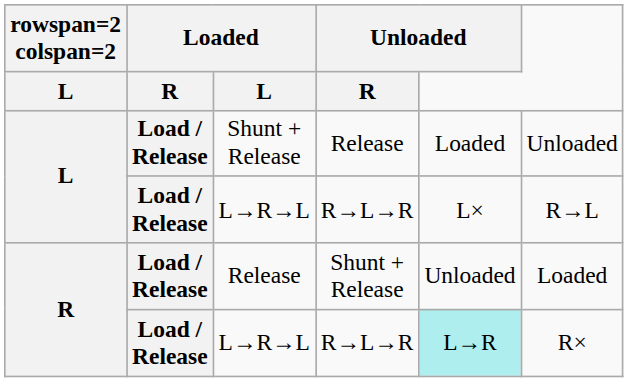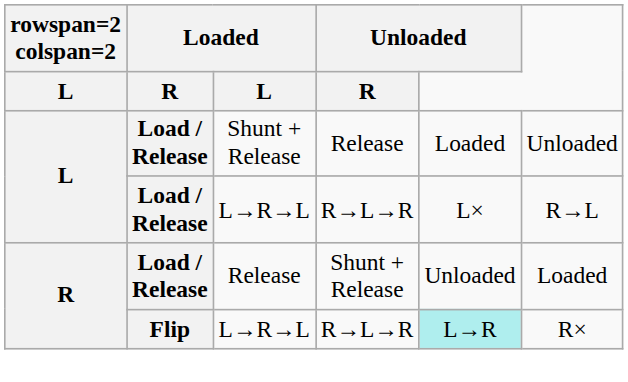 <table class="wikitable floatright" style="font-size:90%;text-align:center;width:20em;">
 <tr>
 <th>rowspan=2 colspan=2 </th>
 <th colspan=2>Loaded</th>
 <th colspan=2>Unloaded</th>
 </tr>
 <tr>
 <th>L</th>
 <th>R</th>
 <th>L</th>
 <th>R</th>
 </tr>
 <tr>
 <th rowspan=2>L</th>
 <th>Load / Release</th>
 <td>Shunt + Release</td>
 <td>Release</td>
 <td>Loaded</td>
 <td>Unloaded</td>
 </tr>
 <tr>
 <th>Load / Release</th>
 <td>L→R→L</td>
 <td>R→L→R</td>
 <td>L×</td>
 <td>R→L</td>
 </tr>
 <tr>
 <th rowspan=2>R</th>
 <th>Load / Release</th>
 <td>Release</td>
 <td>Shunt + Release</td>
 <td>Unloaded</td>
 <td>Loaded</td>
 </tr>
 <tr>
-<th>Load / Release</th>
+<th>Flip</th>
 <td>L→R→L</td>
 <td>R→L→R</td>
 <td style="background: paleturquoise;">L→R</td>
 <td>R×</td>
 </tr>
 </table>
